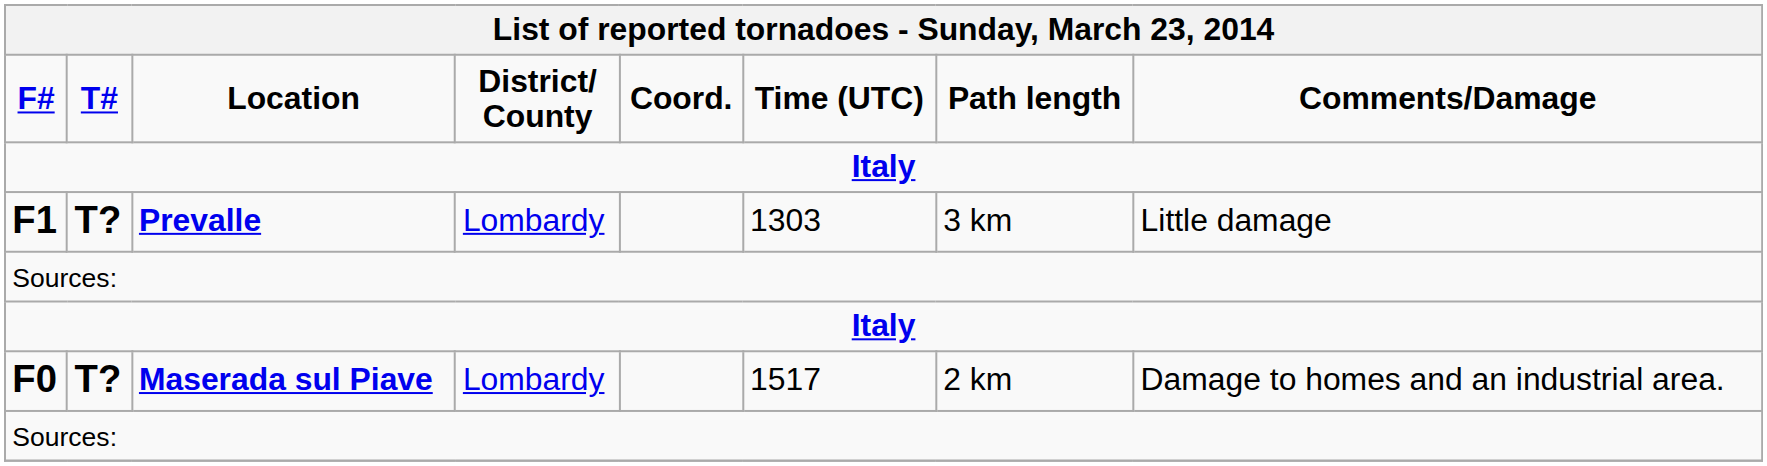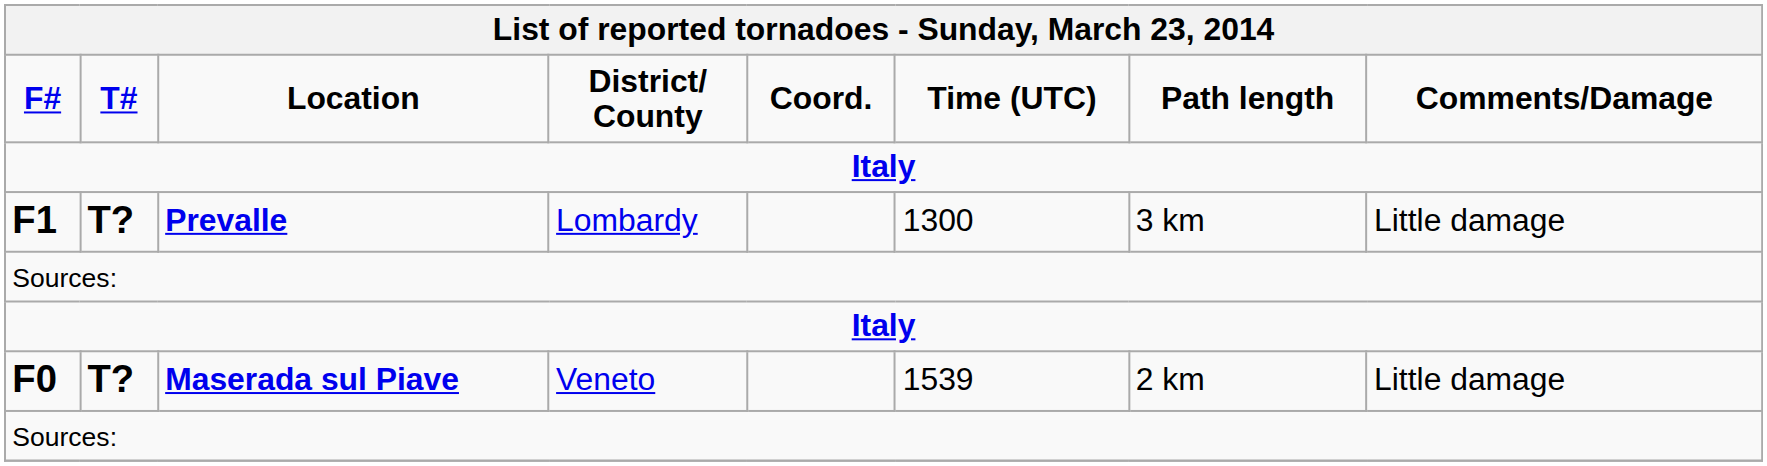 <table class="wikitable collapsible" width="100%">
 <tr>
 <th colspan="8">List of reported tornadoes - Sunday, March 23, 2014</th>
 </tr>
 <tr>
 <td style="text-align: center;"><strong><a href='#'>F#</a></strong></td>
 <td style="text-align: center;"><strong><a href='#'>T#</a></strong></td>
 <td style="text-align: center;"><strong>Location</strong></td>
 <td style="text-align: center;"><strong>District/<br>County</strong></td>
 <td style="text-align: center;"><strong>Coord.</strong></td>
 <td style="text-align: center;"><strong>Time (UTC)</strong></td>
 <td style="text-align: center;"><strong>Path length</strong></td>
 <td style="text-align: center;"><strong>Comments/Damage</strong></td>
 </tr>
 <tr>
 <td colspan="8" align=center><strong><a href='#'>Italy</a></strong></td>
 </tr>
 <tr>
 <td><big><strong>F1</strong></big></td>
 <td><big><strong>T?</strong></big></td>
 <td><strong><a href='#'>Prevalle</a></strong></td>
 <td><a href='#'>Lombardy</a></td>
 <td></td>
-<td>1303</td>
+<td>1300</td>
 <td>3 km</td>
 <td>Little damage</td>
 </tr>
 <tr>
 <td colspan="8"><small>Sources:</small></td>
 </tr>
 <tr>
 <td colspan="8" align=center><strong><a href='#'>Italy</a></strong></td>
 </tr>
 <tr>
 <td><big><strong>F0</strong></big></td>
 <td><big><strong>T?</strong></big></td>
 <td><strong><a href='#'>Maserada sul Piave</a></strong></td>
-<td><a href='#'>Lombardy</a></td>
+<td><a href='#'>Veneto</a></td>
 <td></td>
-<td>1517</td>
+<td>1539</td>
 <td>2 km</td>
-<td>Damage to homes and an industrial area.</td>
+<td>Little damage</td>
 </tr>
 <tr>
 <td colspan="8"><small>Sources:</small></td>
 </tr>
 <tr>
 </tr>
 </table>
